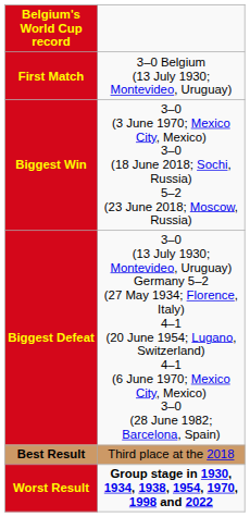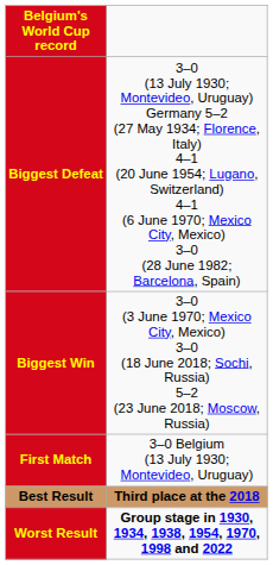 <table class="wikitable collapsible collapsed" style="width:50%;text-align:center">
 <tr>
 <th style="background:#d4071a; color:#ffff00; ">Belgium's World Cup record</th>
 </tr>
 <tr>
-<th style="background:#d4071a; color:#ffff00; ">First Match</th>
-<td> 3–0 Belgium <br> (13 July 1930; <a href='#'>Montevideo</a>, Uruguay)</td>
+<th style="background:#d4071a; color:#ffff00; ">Biggest Defeat</th>
+<td> 3–0 <br> (13 July 1930; <a href='#'>Montevideo</a>, Uruguay)<br> Germany 5–2 <br> (27 May 1934; <a href='#'>Florence</a>, Italy)<br> 4–1 <br> (20 June 1954; <a href='#'>Lugano</a>, Switzerland)<br> 4–1 <br> (6 June 1970; <a href='#'>Mexico City</a>, Mexico)<br> 3–0 <br> (28 June 1982; <a href='#'>Barcelona</a>, Spain)</td>
 </tr>
 <tr>
 <th style="background:#d4071a; color:#ffff00; ">Biggest Win</th>
 <td> 3–0 <br> (3 June 1970; <a href='#'>Mexico City</a>, Mexico)<br> 3–0 <br> (18 June 2018; <a href='#'>Sochi</a>, Russia)<br> 5–2 <br> (23 June 2018; <a href='#'>Moscow</a>, Russia)</td>
 </tr>
 <tr>
-<th style="background:#d4071a; color:#ffff00; ">Biggest Defeat</th>
-<td> 3–0 <br> (13 July 1930; <a href='#'>Montevideo</a>, Uruguay)<br> Germany 5–2 <br> (27 May 1934; <a href='#'>Florence</a>, Italy)<br> 4–1 <br> (20 June 1954; <a href='#'>Lugano</a>, Switzerland)<br> 4–1 <br> (6 June 1970; <a href='#'>Mexico City</a>, Mexico)<br> 3–0 <br> (28 June 1982; <a href='#'>Barcelona</a>, Spain)</td>
+<th style="background:#d4071a; color:#ffff00; ">First Match</th>
+<td> 3–0 Belgium <br> (13 July 1930; <a href='#'>Montevideo</a>, Uruguay)</td>
 </tr>
 <tr style="background:#cc9966">
 <th style="background:#cc9966": >Best Result</th>
-<td>Third place at the <a href='#'>2018</a></td>
+<td><strong>Third place at the <a href='#'>2018</a></strong></td>
 </tr>
 <tr>
 <th style="background:#d4071a; color:#ffff00; ">Worst Result</th>
 <td><strong>Group stage in <a href='#'>1930</a>, <a href='#'>1934</a>, <a href='#'>1938</a>, <a href='#'>1954</a>, <a href='#'>1970</a>, <a href='#'>1998</a> and <a href='#'>2022</a></strong></td>
 </tr>
 </table>
